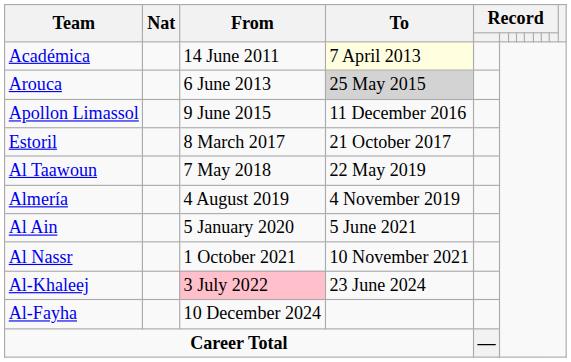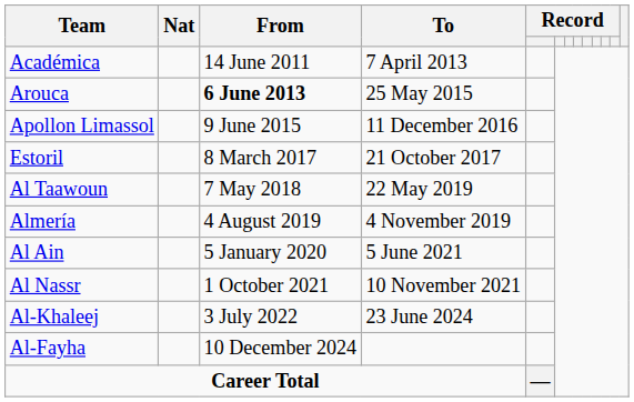 <table class="wikitable" style="text-align: center">
 <tr>
 <th rowspan="2">Team</th>
 <th rowspan="2">Nat</th>
 <th rowspan="2">From</th>
 <th rowspan="2">To</th>
 <th colspan="8">Record</th>
 <th rowspan=2></th>
 </tr>
 <tr>
 <th></th>
 <th></th>
 <th></th>
 <th></th>
 <th></th>
 <th></th>
 <th></th>
 <th></th>
 </tr>
 <tr>
 <td align=left><a href='#'>Académica</a></td>
 <td></td>
 <td align=left>14 June 2011</td>
-<td align=left style="background: lightyellow;">7 April 2013<br></td>
+<td align=left>7 April 2013<br></td>
 <td></td>
 </tr>
 <tr>
 <td align=left><a href='#'>Arouca</a></td>
 <td></td>
-<td align=left>6 June 2013</td>
-<td align=left style="background: lightgrey;">25 May 2015<br></td>
+<td align=left><strong>6 June 2013</strong></td>
+<td align=left>25 May 2015<br></td>
 <td></td>
 </tr>
 <tr>
 <td align=left><a href='#'>Apollon Limassol</a></td>
 <td></td>
 <td align=left>9 June 2015</td>
 <td align=left>11 December 2016<br></td>
 <td></td>
 </tr>
 <tr>
 <td align=left><a href='#'>Estoril</a></td>
 <td></td>
 <td align=left>8 March 2017</td>
 <td align=left>21 October 2017<br></td>
 <td></td>
 </tr>
 <tr>
 <td align=left><a href='#'>Al Taawoun</a></td>
 <td></td>
 <td align=left>7 May 2018</td>
 <td align=left>22 May 2019<br></td>
 <td></td>
 </tr>
 <tr>
 <td align=left><a href='#'>Almería</a></td>
 <td></td>
 <td align=left>4 August 2019</td>
 <td align=left>4 November 2019<br></td>
 <td></td>
 </tr>
 <tr>
 <td align=left><a href='#'>Al Ain</a></td>
 <td></td>
 <td align=left>5 January 2020</td>
 <td align=left>5 June 2021<br></td>
 <td></td>
 </tr>
 <tr>
 <td align=left><a href='#'>Al Nassr</a></td>
 <td></td>
 <td align=left>1 October 2021</td>
 <td align=left>10 November 2021<br></td>
 <td></td>
 </tr>
 <tr>
 <td align=left><a href='#'>Al-Khaleej</a></td>
 <td></td>
-<td align=left style="background: pink;">3 July 2022</td>
+<td align=left>3 July 2022</td>
 <td align=left>23 June 2024<br></td>
 <td></td>
 </tr>
 <tr>
 <td align=left><a href='#'>Al-Fayha</a></td>
 <td></td>
 <td align=left>10 December 2024</td>
 <td align=left><br></td>
 <td></td>
 </tr>
 <tr>
 <td colspan=4><strong>Career Total</strong><br></td>
 <th>—</th>
 </tr>
 </table>
